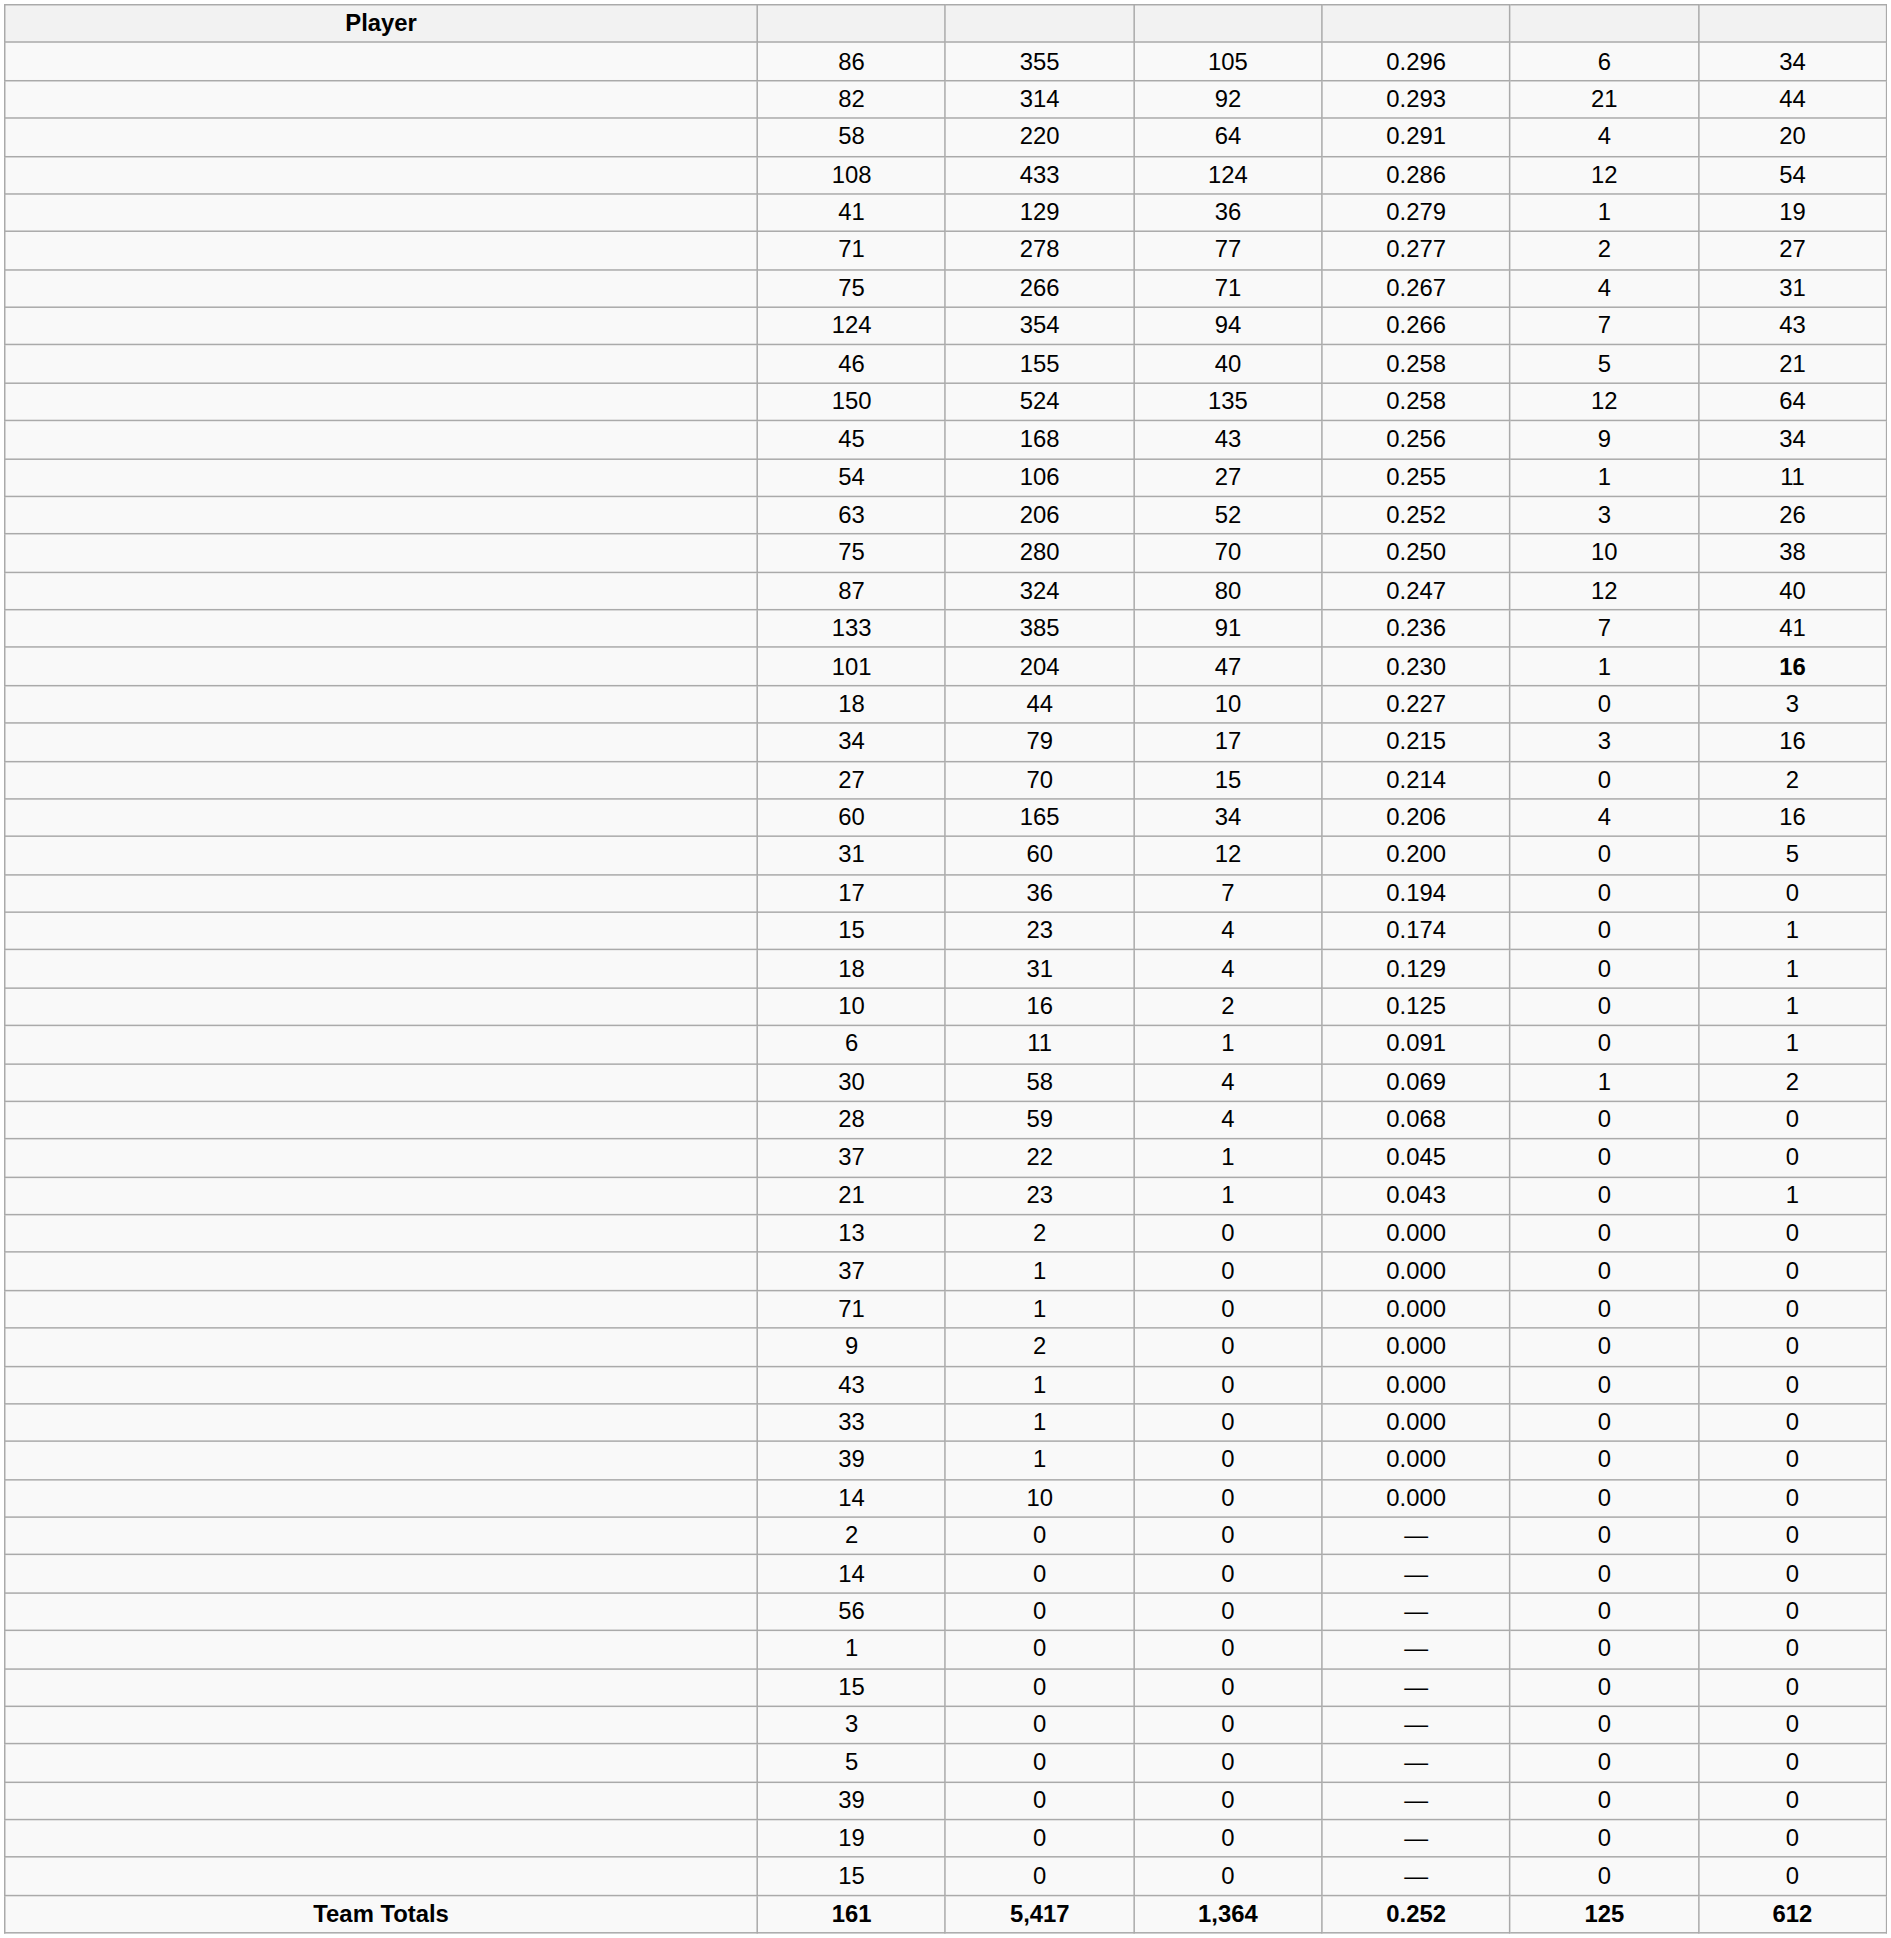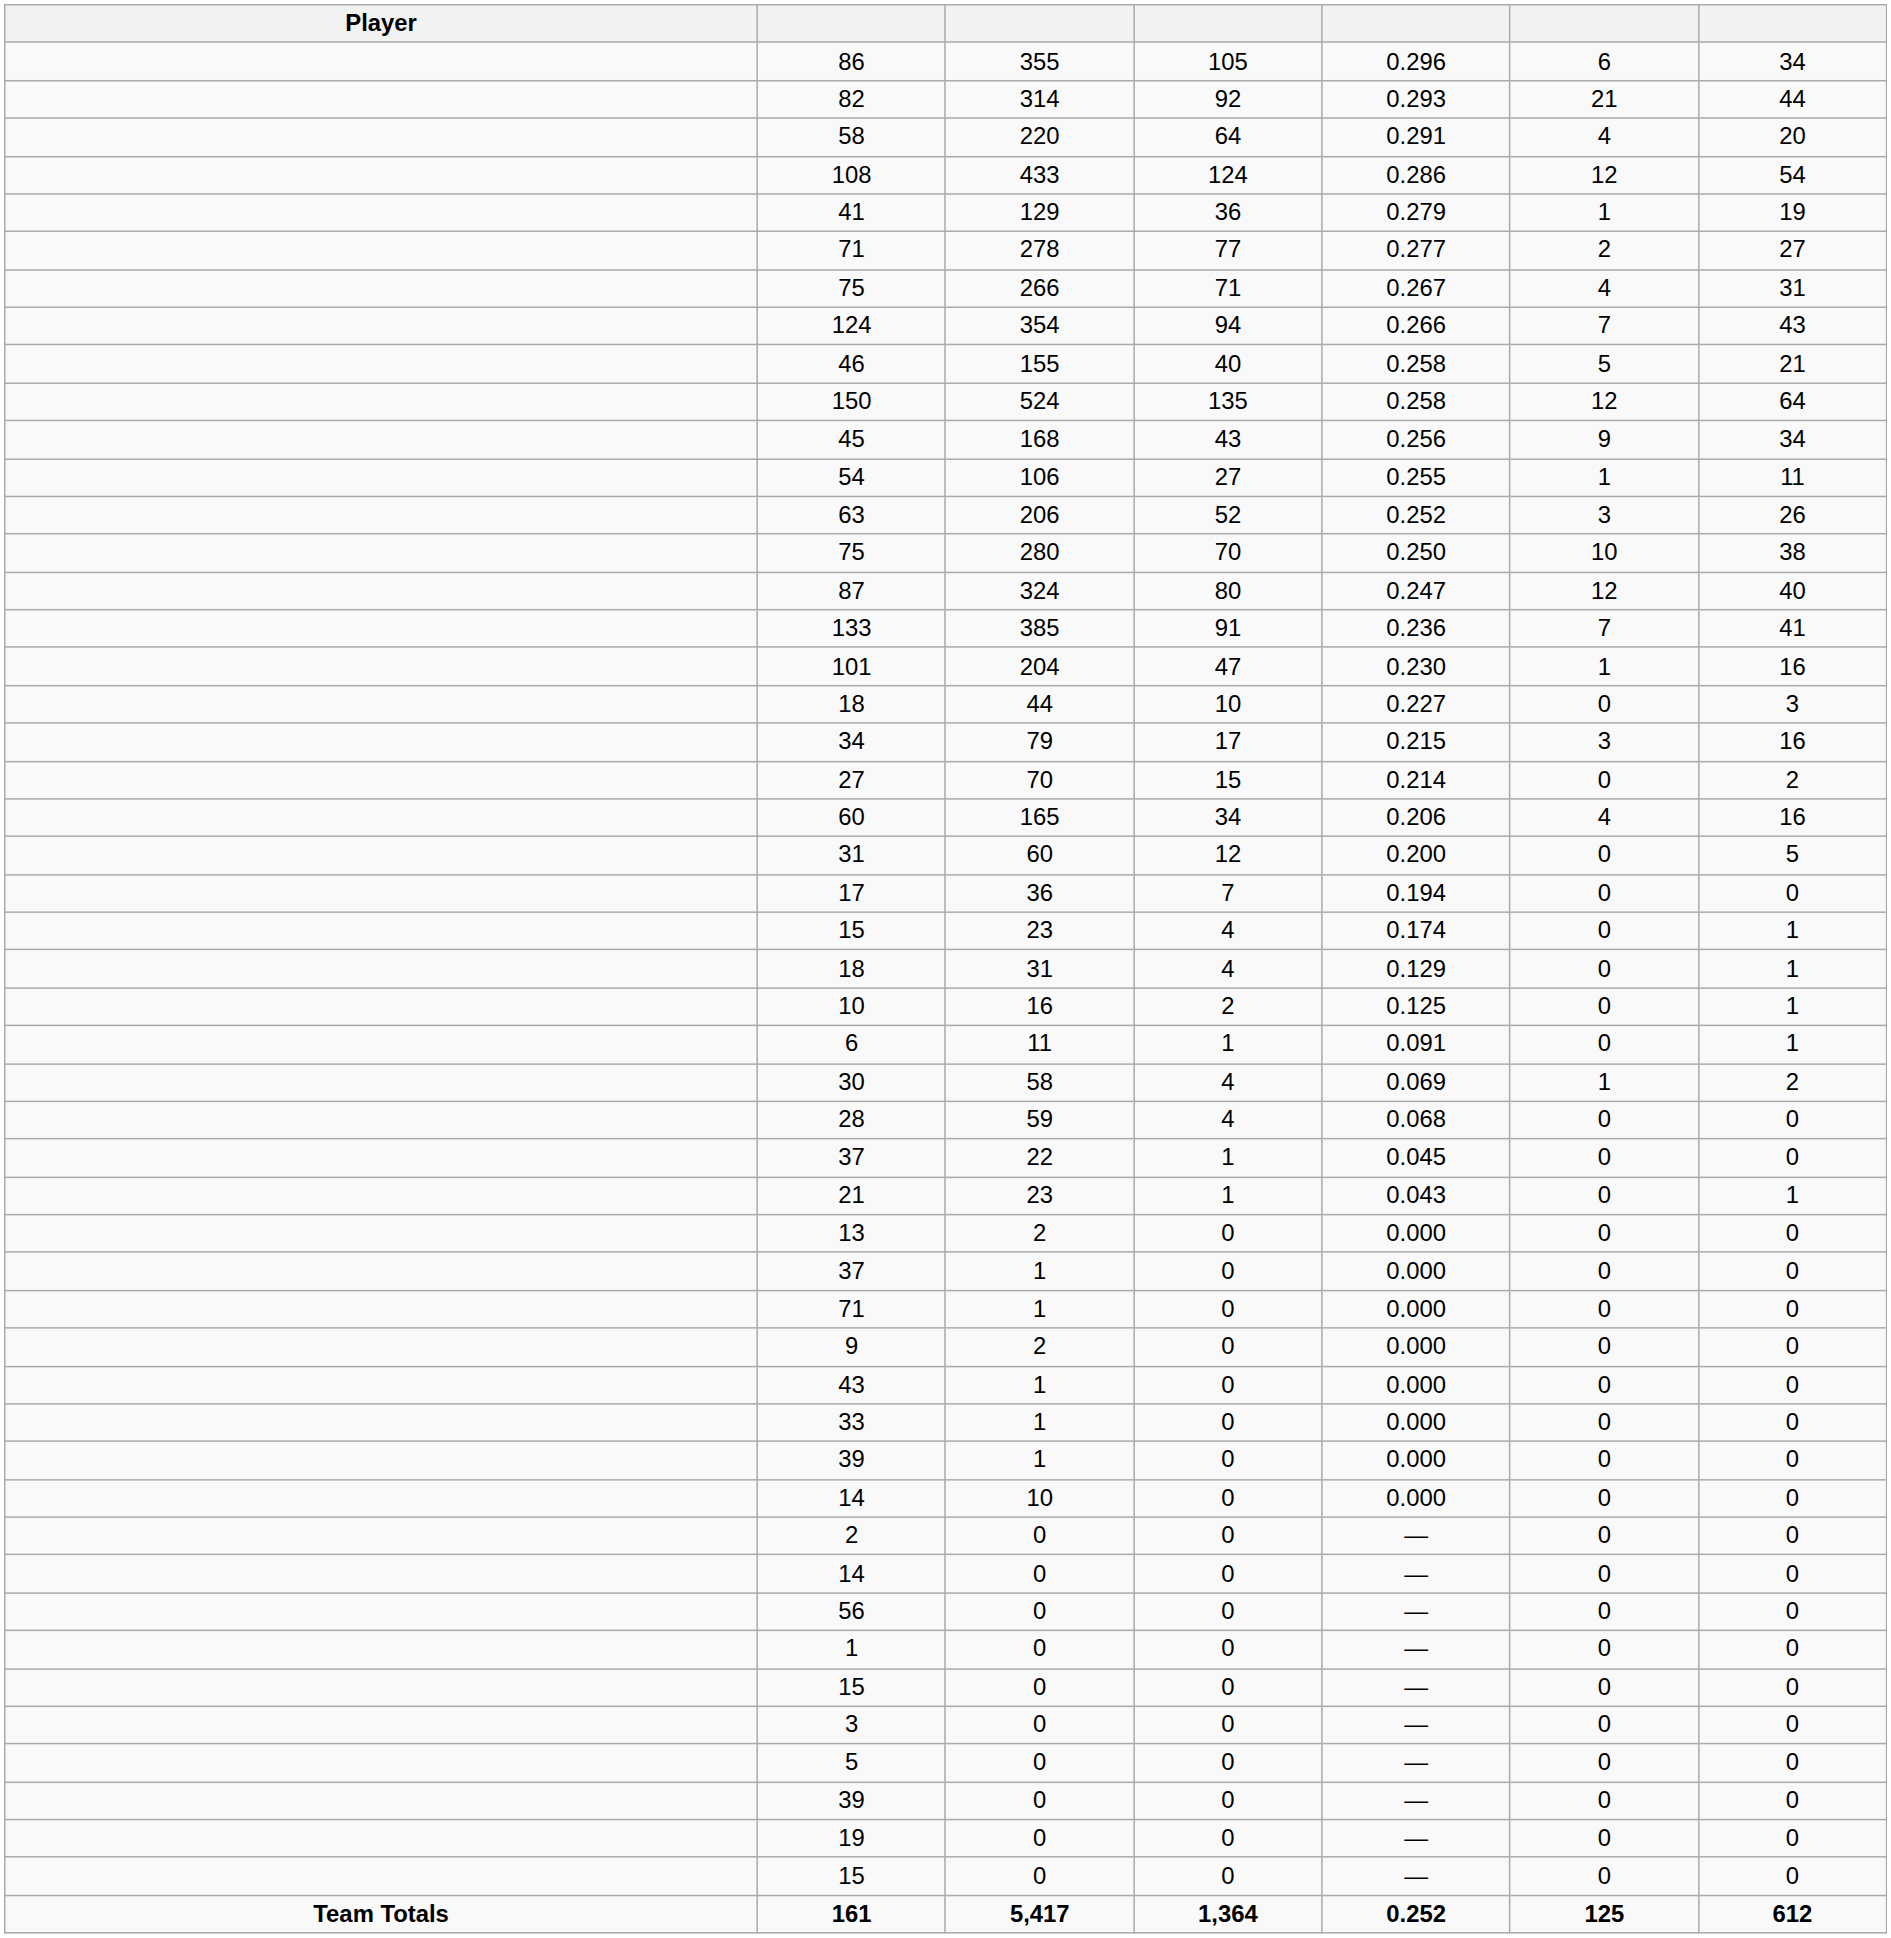 <table class="wikitable sortable" style="text-align:center;" width="100%">
 <tr>
 <th width="40%">Player</th>
 <th width="10%"></th>
 <th width="10%"></th>
 <th width="10%"></th>
 <th width="10%"></th>
 <th width="10%"></th>
 <th width="10%"></th>
 </tr>
 <tr>
 <td></td>
 <td>86</td>
 <td>355</td>
 <td>105</td>
 <td>0.296</td>
 <td>6</td>
 <td>34</td>
 </tr>
 <tr>
 <td></td>
 <td>82</td>
 <td>314</td>
 <td>92</td>
 <td>0.293</td>
 <td>21</td>
 <td>44</td>
 </tr>
 <tr>
 <td></td>
 <td>58</td>
 <td>220</td>
 <td>64</td>
 <td>0.291</td>
 <td>4</td>
 <td>20</td>
 </tr>
 <tr>
 <td></td>
 <td>108</td>
 <td>433</td>
 <td>124</td>
 <td>0.286</td>
 <td>12</td>
 <td>54</td>
 </tr>
 <tr>
 <td></td>
 <td>41</td>
 <td>129</td>
 <td>36</td>
 <td>0.279</td>
 <td>1</td>
 <td>19</td>
 </tr>
 <tr>
 <td></td>
 <td>71</td>
 <td>278</td>
 <td>77</td>
 <td>0.277</td>
 <td>2</td>
 <td>27</td>
 </tr>
 <tr>
 <td></td>
 <td>75</td>
 <td>266</td>
 <td>71</td>
 <td>0.267</td>
 <td>4</td>
 <td>31</td>
 </tr>
 <tr>
 <td></td>
 <td>124</td>
 <td>354</td>
 <td>94</td>
 <td>0.266</td>
 <td>7</td>
 <td>43</td>
 </tr>
 <tr>
 <td></td>
 <td>46</td>
 <td>155</td>
 <td>40</td>
 <td>0.258</td>
 <td>5</td>
 <td>21</td>
 </tr>
 <tr>
 <td></td>
 <td>150</td>
 <td>524</td>
 <td>135</td>
 <td>0.258</td>
 <td>12</td>
 <td>64</td>
 </tr>
 <tr>
 <td></td>
 <td>45</td>
 <td>168</td>
 <td>43</td>
 <td>0.256</td>
 <td>9</td>
 <td>34</td>
 </tr>
 <tr>
 <td></td>
 <td>54</td>
 <td>106</td>
 <td>27</td>
 <td>0.255</td>
 <td>1</td>
 <td>11</td>
 </tr>
 <tr>
 <td></td>
 <td>63</td>
 <td>206</td>
 <td>52</td>
 <td>0.252</td>
 <td>3</td>
 <td>26</td>
 </tr>
 <tr>
 <td></td>
 <td>75</td>
 <td>280</td>
 <td>70</td>
 <td>0.250</td>
 <td>10</td>
 <td>38</td>
 </tr>
 <tr>
 <td></td>
 <td>87</td>
 <td>324</td>
 <td>80</td>
 <td>0.247</td>
 <td>12</td>
 <td>40</td>
 </tr>
 <tr>
 <td></td>
 <td>133</td>
 <td>385</td>
 <td>91</td>
 <td>0.236</td>
 <td>7</td>
 <td>41</td>
 </tr>
 <tr>
 <td></td>
 <td>101</td>
 <td>204</td>
 <td>47</td>
 <td>0.230</td>
 <td>1</td>
-<td><strong>16</strong></td>
+<td>16</td>
 </tr>
 <tr>
 <td></td>
 <td>18</td>
 <td>44</td>
 <td>10</td>
 <td>0.227</td>
 <td>0</td>
 <td>3</td>
 </tr>
 <tr>
 <td></td>
 <td>34</td>
 <td>79</td>
 <td>17</td>
 <td>0.215</td>
 <td>3</td>
 <td>16</td>
 </tr>
 <tr>
 <td></td>
 <td>27</td>
 <td>70</td>
 <td>15</td>
 <td>0.214</td>
 <td>0</td>
 <td>2</td>
 </tr>
 <tr>
 <td></td>
 <td>60</td>
 <td>165</td>
 <td>34</td>
 <td>0.206</td>
 <td>4</td>
 <td>16</td>
 </tr>
 <tr>
 <td></td>
 <td>31</td>
 <td>60</td>
 <td>12</td>
 <td>0.200</td>
 <td>0</td>
 <td>5</td>
 </tr>
 <tr>
 <td></td>
 <td>17</td>
 <td>36</td>
 <td>7</td>
 <td>0.194</td>
 <td>0</td>
 <td>0</td>
 </tr>
 <tr>
 <td></td>
 <td>15</td>
 <td>23</td>
 <td>4</td>
 <td>0.174</td>
 <td>0</td>
 <td>1</td>
 </tr>
 <tr>
 <td></td>
 <td>18</td>
 <td>31</td>
 <td>4</td>
 <td>0.129</td>
 <td>0</td>
 <td>1</td>
 </tr>
 <tr>
 <td></td>
 <td>10</td>
 <td>16</td>
 <td>2</td>
 <td>0.125</td>
 <td>0</td>
 <td>1</td>
 </tr>
 <tr>
 <td></td>
 <td>6</td>
 <td>11</td>
 <td>1</td>
 <td>0.091</td>
 <td>0</td>
 <td>1</td>
 </tr>
 <tr>
 <td></td>
 <td>30</td>
 <td>58</td>
 <td>4</td>
 <td>0.069</td>
 <td>1</td>
 <td>2</td>
 </tr>
 <tr>
 <td></td>
 <td>28</td>
 <td>59</td>
 <td>4</td>
 <td>0.068</td>
 <td>0</td>
 <td>0</td>
 </tr>
 <tr>
 <td></td>
 <td>37</td>
 <td>22</td>
 <td>1</td>
 <td>0.045</td>
 <td>0</td>
 <td>0</td>
 </tr>
 <tr>
 <td></td>
 <td>21</td>
 <td>23</td>
 <td>1</td>
 <td>0.043</td>
 <td>0</td>
 <td>1</td>
 </tr>
 <tr>
 <td></td>
 <td>13</td>
 <td>2</td>
 <td>0</td>
 <td>0.000</td>
 <td>0</td>
 <td>0</td>
 </tr>
 <tr>
 <td></td>
 <td>37</td>
 <td>1</td>
 <td>0</td>
 <td>0.000</td>
 <td>0</td>
 <td>0</td>
 </tr>
 <tr>
 <td></td>
 <td>71</td>
 <td>1</td>
 <td>0</td>
 <td>0.000</td>
 <td>0</td>
 <td>0</td>
 </tr>
 <tr>
 <td></td>
 <td>9</td>
 <td>2</td>
 <td>0</td>
 <td>0.000</td>
 <td>0</td>
 <td>0</td>
 </tr>
 <tr>
 <td></td>
 <td>43</td>
 <td>1</td>
 <td>0</td>
 <td>0.000</td>
 <td>0</td>
 <td>0</td>
 </tr>
 <tr>
 <td></td>
 <td>33</td>
 <td>1</td>
 <td>0</td>
 <td>0.000</td>
 <td>0</td>
 <td>0</td>
 </tr>
 <tr>
 <td></td>
 <td>39</td>
 <td>1</td>
 <td>0</td>
 <td>0.000</td>
 <td>0</td>
 <td>0</td>
 </tr>
 <tr>
 <td></td>
 <td>14</td>
 <td>10</td>
 <td>0</td>
 <td>0.000</td>
 <td>0</td>
 <td>0</td>
 </tr>
 <tr>
 <td></td>
 <td>2</td>
 <td>0</td>
 <td>0</td>
 <td>—</td>
 <td>0</td>
 <td>0</td>
 </tr>
 <tr>
 <td></td>
 <td>14</td>
 <td>0</td>
 <td>0</td>
 <td>—</td>
 <td>0</td>
 <td>0</td>
 </tr>
 <tr>
 <td></td>
 <td>56</td>
 <td>0</td>
 <td>0</td>
 <td>—</td>
 <td>0</td>
 <td>0</td>
 </tr>
 <tr>
 <td></td>
 <td>1</td>
 <td>0</td>
 <td>0</td>
 <td>—</td>
 <td>0</td>
 <td>0</td>
 </tr>
 <tr>
 <td></td>
 <td>15</td>
 <td>0</td>
 <td>0</td>
 <td>—</td>
 <td>0</td>
 <td>0</td>
 </tr>
 <tr>
 <td></td>
 <td>3</td>
 <td>0</td>
 <td>0</td>
 <td>—</td>
 <td>0</td>
 <td>0</td>
 </tr>
 <tr>
 <td></td>
 <td>5</td>
 <td>0</td>
 <td>0</td>
 <td>—</td>
 <td>0</td>
 <td>0</td>
 </tr>
 <tr>
 <td></td>
 <td>39</td>
 <td>0</td>
 <td>0</td>
 <td>—</td>
 <td>0</td>
 <td>0</td>
 </tr>
 <tr>
 <td></td>
 <td>19</td>
 <td>0</td>
 <td>0</td>
 <td>—</td>
 <td>0</td>
 <td>0</td>
 </tr>
 <tr>
 <td></td>
 <td>15</td>
 <td>0</td>
 <td>0</td>
 <td>—</td>
 <td>0</td>
 <td>0</td>
 </tr>
 <tr>
 <td><strong>Team Totals</strong></td>
 <td><strong>161</strong></td>
 <td><strong>5,417</strong></td>
 <td><strong>1,364</strong></td>
 <td><strong>0.252</strong></td>
 <td><strong>125</strong></td>
 <td><strong>612</strong></td>
 </tr>
 </table>
